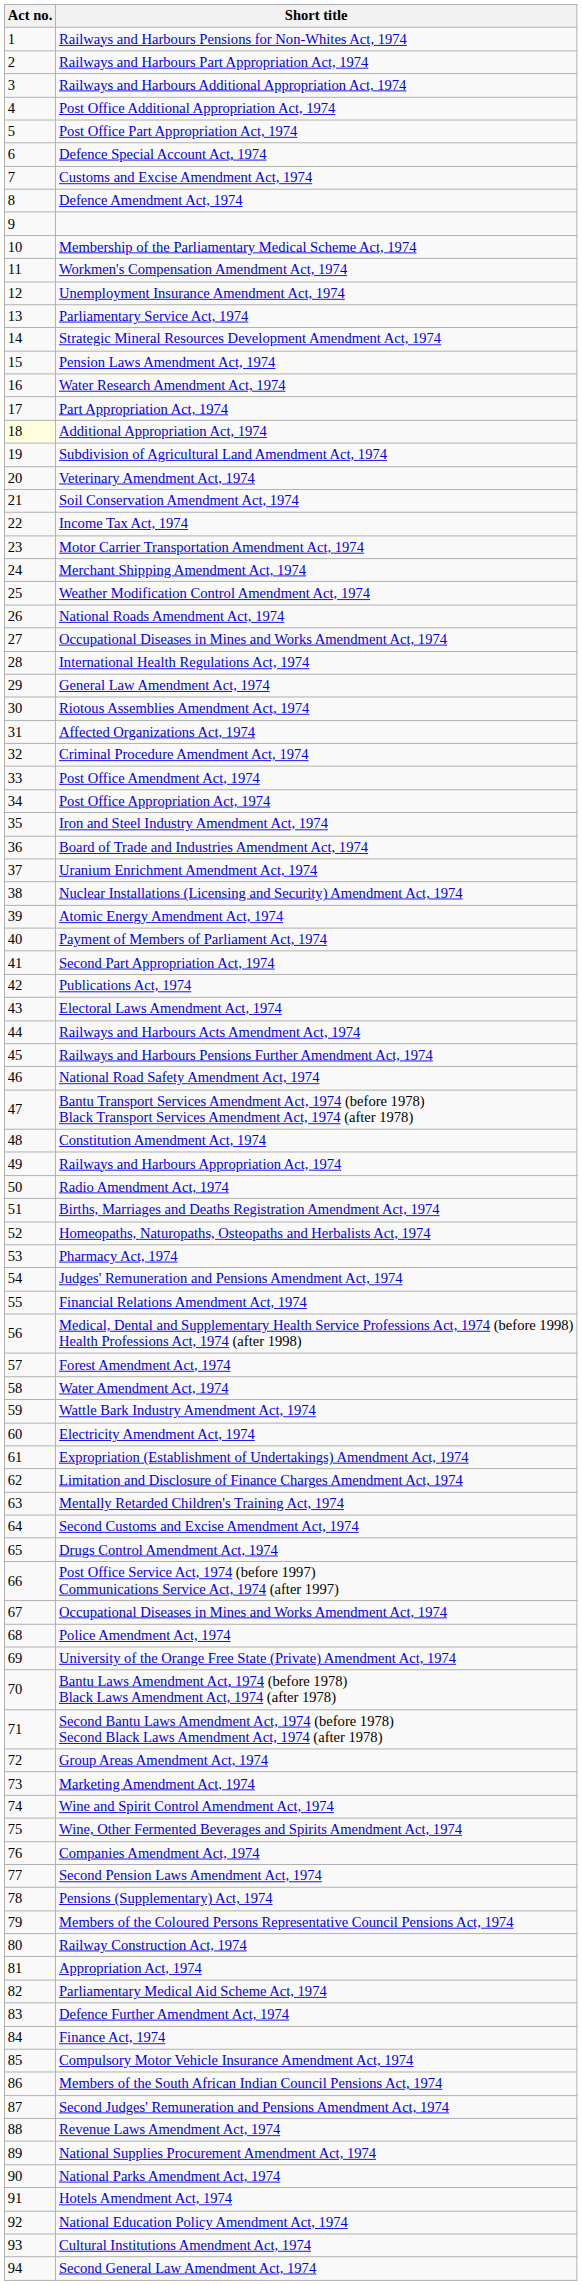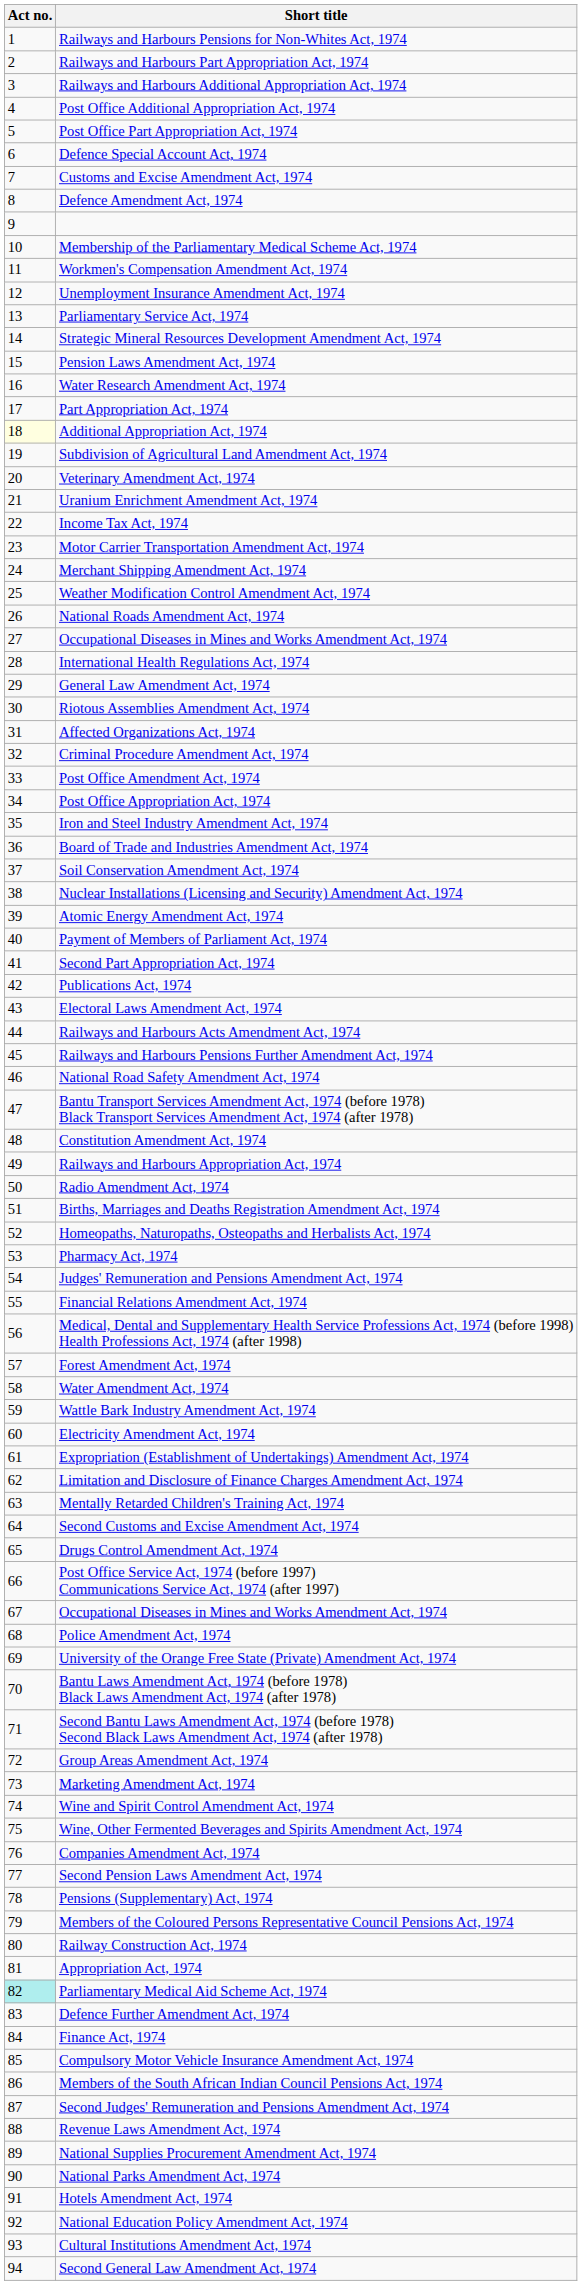 <table class="wikitable sortable">
 <tr>
 <th>Act no.</th>
 <th>Short title</th>
 </tr>
 <tr>
 <td>1</td>
 <td><a href='#'>Railways and Harbours Pensions for Non-Whites Act, 1974</a></td>
 </tr>
 <tr>
 <td>2</td>
 <td><a href='#'>Railways and Harbours Part Appropriation Act, 1974</a></td>
 </tr>
 <tr>
 <td>3</td>
 <td><a href='#'>Railways and Harbours Additional Appropriation Act, 1974</a></td>
 </tr>
 <tr>
 <td>4</td>
 <td><a href='#'>Post Office Additional Appropriation Act, 1974</a></td>
 </tr>
 <tr>
 <td>5</td>
 <td><a href='#'>Post Office Part Appropriation Act, 1974</a></td>
 </tr>
 <tr>
 <td>6</td>
 <td><a href='#'>Defence Special Account Act, 1974</a></td>
 </tr>
 <tr>
 <td>7</td>
 <td><a href='#'>Customs and Excise Amendment Act, 1974</a></td>
 </tr>
 <tr>
 <td>8</td>
 <td><a href='#'>Defence Amendment Act, 1974</a></td>
 </tr>
 <tr>
 <td>9</td>
 <td></td>
 </tr>
 <tr>
 <td>10</td>
 <td><a href='#'>Membership of the Parliamentary Medical Scheme Act, 1974</a></td>
 </tr>
 <tr>
 <td>11</td>
 <td><a href='#'>Workmen's Compensation Amendment Act, 1974</a></td>
 </tr>
 <tr>
 <td>12</td>
 <td><a href='#'>Unemployment Insurance Amendment Act, 1974</a></td>
 </tr>
 <tr>
 <td>13</td>
 <td><a href='#'>Parliamentary Service Act, 1974</a></td>
 </tr>
 <tr>
 <td>14</td>
 <td><a href='#'>Strategic Mineral Resources Development Amendment Act, 1974</a></td>
 </tr>
 <tr>
 <td>15</td>
 <td><a href='#'>Pension Laws Amendment Act, 1974</a></td>
 </tr>
 <tr>
 <td>16</td>
 <td><a href='#'>Water Research Amendment Act, 1974</a></td>
 </tr>
 <tr>
 <td>17</td>
 <td><a href='#'>Part Appropriation Act, 1974</a></td>
 </tr>
 <tr>
 <td style="background: lightyellow;">18</td>
 <td><a href='#'>Additional Appropriation Act, 1974</a></td>
 </tr>
 <tr>
 <td>19</td>
 <td><a href='#'>Subdivision of Agricultural Land Amendment Act, 1974</a></td>
 </tr>
 <tr>
 <td>20</td>
 <td><a href='#'>Veterinary Amendment Act, 1974</a></td>
 </tr>
 <tr>
 <td>21</td>
-<td><a href='#'>Soil Conservation Amendment Act, 1974</a></td>
+<td><a href='#'>Uranium Enrichment Amendment Act, 1974</a></td>
 </tr>
 <tr>
 <td>22</td>
 <td><a href='#'>Income Tax Act, 1974</a></td>
 </tr>
 <tr>
 <td>23</td>
 <td><a href='#'>Motor Carrier Transportation Amendment Act, 1974</a></td>
 </tr>
 <tr>
 <td>24</td>
 <td><a href='#'>Merchant Shipping Amendment Act, 1974</a></td>
 </tr>
 <tr>
 <td>25</td>
 <td><a href='#'>Weather Modification Control Amendment Act, 1974</a></td>
 </tr>
 <tr>
 <td>26</td>
 <td><a href='#'>National Roads Amendment Act, 1974</a></td>
 </tr>
 <tr>
 <td>27</td>
 <td><a href='#'>Occupational Diseases in Mines and Works Amendment Act, 1974</a></td>
 </tr>
 <tr>
 <td>28</td>
 <td><a href='#'>International Health Regulations Act, 1974</a></td>
 </tr>
 <tr>
 <td>29</td>
 <td><a href='#'>General Law Amendment Act, 1974</a></td>
 </tr>
 <tr>
 <td>30</td>
 <td><a href='#'>Riotous Assemblies Amendment Act, 1974</a></td>
 </tr>
 <tr>
 <td>31</td>
 <td><a href='#'>Affected Organizations Act, 1974</a></td>
 </tr>
 <tr>
 <td>32</td>
 <td><a href='#'>Criminal Procedure Amendment Act, 1974</a></td>
 </tr>
 <tr>
 <td>33</td>
 <td><a href='#'>Post Office Amendment Act, 1974</a></td>
 </tr>
 <tr>
 <td>34</td>
 <td><a href='#'>Post Office Appropriation Act, 1974</a></td>
 </tr>
 <tr>
 <td>35</td>
 <td><a href='#'>Iron and Steel Industry Amendment Act, 1974</a></td>
 </tr>
 <tr>
 <td>36</td>
 <td><a href='#'>Board of Trade and Industries Amendment Act, 1974</a></td>
 </tr>
 <tr>
 <td>37</td>
-<td><a href='#'>Uranium Enrichment Amendment Act, 1974</a></td>
+<td><a href='#'>Soil Conservation Amendment Act, 1974</a></td>
 </tr>
 <tr>
 <td>38</td>
 <td><a href='#'>Nuclear Installations (Licensing and Security) Amendment Act, 1974</a></td>
 </tr>
 <tr>
 <td>39</td>
 <td><a href='#'>Atomic Energy Amendment Act, 1974</a></td>
 </tr>
 <tr>
 <td>40</td>
 <td><a href='#'>Payment of Members of Parliament Act, 1974</a></td>
 </tr>
 <tr>
 <td>41</td>
 <td><a href='#'>Second Part Appropriation Act, 1974</a></td>
 </tr>
 <tr>
 <td>42</td>
 <td><a href='#'>Publications Act, 1974</a></td>
 </tr>
 <tr>
 <td>43</td>
 <td><a href='#'>Electoral Laws Amendment Act, 1974</a></td>
 </tr>
 <tr>
 <td>44</td>
 <td><a href='#'>Railways and Harbours Acts Amendment Act, 1974</a></td>
 </tr>
 <tr>
 <td>45</td>
 <td><a href='#'>Railways and Harbours Pensions Further Amendment Act, 1974</a></td>
 </tr>
 <tr>
 <td>46</td>
 <td><a href='#'>National Road Safety Amendment Act, 1974</a></td>
 </tr>
 <tr>
 <td>47</td>
 <td><a href='#'>Bantu Transport Services Amendment Act, 1974</a> (before 1978) <br><a href='#'>Black Transport Services Amendment Act, 1974</a> (after 1978)</td>
 </tr>
 <tr>
 <td>48</td>
 <td><a href='#'>Constitution Amendment Act, 1974</a></td>
 </tr>
 <tr>
 <td>49</td>
 <td><a href='#'>Railways and Harbours Appropriation Act, 1974</a></td>
 </tr>
 <tr>
 <td>50</td>
 <td><a href='#'>Radio Amendment Act, 1974</a></td>
 </tr>
 <tr>
 <td>51</td>
 <td><a href='#'>Births, Marriages and Deaths Registration Amendment Act, 1974</a></td>
 </tr>
 <tr>
 <td>52</td>
 <td><a href='#'>Homeopaths, Naturopaths, Osteopaths and Herbalists Act, 1974</a></td>
 </tr>
 <tr>
 <td>53</td>
 <td><a href='#'>Pharmacy Act, 1974</a></td>
 </tr>
 <tr>
 <td>54</td>
 <td><a href='#'>Judges' Remuneration and Pensions Amendment Act, 1974</a></td>
 </tr>
 <tr>
 <td>55</td>
 <td><a href='#'>Financial Relations Amendment Act, 1974</a></td>
 </tr>
 <tr>
 <td>56</td>
 <td><a href='#'>Medical, Dental and Supplementary Health Service Professions Act, 1974</a> (before 1998) <br><a href='#'>Health Professions Act, 1974</a> (after 1998)</td>
 </tr>
 <tr>
 <td>57</td>
 <td><a href='#'>Forest Amendment Act, 1974</a></td>
 </tr>
 <tr>
 <td>58</td>
 <td><a href='#'>Water Amendment Act, 1974</a></td>
 </tr>
 <tr>
 <td>59</td>
 <td><a href='#'>Wattle Bark Industry Amendment Act, 1974</a></td>
 </tr>
 <tr>
 <td>60</td>
 <td><a href='#'>Electricity Amendment Act, 1974</a></td>
 </tr>
 <tr>
 <td>61</td>
 <td><a href='#'>Expropriation (Establishment of Undertakings) Amendment Act, 1974</a></td>
 </tr>
 <tr>
 <td>62</td>
 <td><a href='#'>Limitation and Disclosure of Finance Charges Amendment Act, 1974</a></td>
 </tr>
 <tr>
 <td>63</td>
 <td><a href='#'>Mentally Retarded Children's Training Act, 1974</a></td>
 </tr>
 <tr>
 <td>64</td>
 <td><a href='#'>Second Customs and Excise Amendment Act, 1974</a></td>
 </tr>
 <tr>
 <td>65</td>
 <td><a href='#'>Drugs Control Amendment Act, 1974</a></td>
 </tr>
 <tr>
 <td>66</td>
 <td><a href='#'>Post Office Service Act, 1974</a> (before 1997) <br><a href='#'>Communications Service Act, 1974</a> (after 1997)</td>
 </tr>
 <tr>
 <td>67</td>
 <td><a href='#'>Occupational Diseases in Mines and Works Amendment Act, 1974</a></td>
 </tr>
 <tr>
 <td>68</td>
 <td><a href='#'>Police Amendment Act, 1974</a></td>
 </tr>
 <tr>
 <td>69</td>
 <td><a href='#'>University of the Orange Free State (Private) Amendment Act, 1974</a></td>
 </tr>
 <tr>
 <td>70</td>
 <td><a href='#'>Bantu Laws Amendment Act, 1974</a> (before 1978) <br><a href='#'>Black Laws Amendment Act, 1974</a> (after 1978)</td>
 </tr>
 <tr>
 <td>71</td>
 <td><a href='#'>Second Bantu Laws Amendment Act, 1974</a> (before 1978) <br><a href='#'>Second Black Laws Amendment Act, 1974</a> (after 1978)</td>
 </tr>
 <tr>
 <td>72</td>
 <td><a href='#'>Group Areas Amendment Act, 1974</a></td>
 </tr>
 <tr>
 <td>73</td>
 <td><a href='#'>Marketing Amendment Act, 1974</a></td>
 </tr>
 <tr>
 <td>74</td>
 <td><a href='#'>Wine and Spirit Control Amendment Act, 1974</a></td>
 </tr>
 <tr>
 <td>75</td>
 <td><a href='#'>Wine, Other Fermented Beverages and Spirits Amendment Act, 1974</a></td>
 </tr>
 <tr>
 <td>76</td>
 <td><a href='#'>Companies Amendment Act, 1974</a></td>
 </tr>
 <tr>
 <td>77</td>
 <td><a href='#'>Second Pension Laws Amendment Act, 1974</a></td>
 </tr>
 <tr>
 <td>78</td>
 <td><a href='#'>Pensions (Supplementary) Act, 1974</a></td>
 </tr>
 <tr>
 <td>79</td>
 <td><a href='#'>Members of the Coloured Persons Representative Council Pensions Act, 1974</a></td>
 </tr>
 <tr>
 <td>80</td>
 <td><a href='#'>Railway Construction Act, 1974</a></td>
 </tr>
 <tr>
 <td>81</td>
 <td><a href='#'>Appropriation Act, 1974</a></td>
 </tr>
 <tr>
-<td>82</td>
+<td style="background: paleturquoise;">82</td>
 <td><a href='#'>Parliamentary Medical Aid Scheme Act, 1974</a></td>
 </tr>
 <tr>
 <td>83</td>
 <td><a href='#'>Defence Further Amendment Act, 1974</a></td>
 </tr>
 <tr>
 <td>84</td>
 <td><a href='#'>Finance Act, 1974</a></td>
 </tr>
 <tr>
 <td>85</td>
 <td><a href='#'>Compulsory Motor Vehicle Insurance Amendment Act, 1974</a></td>
 </tr>
 <tr>
 <td>86</td>
 <td><a href='#'>Members of the South African Indian Council Pensions Act, 1974</a></td>
 </tr>
 <tr>
 <td>87</td>
 <td><a href='#'>Second Judges' Remuneration and Pensions Amendment Act, 1974</a></td>
 </tr>
 <tr>
 <td>88</td>
 <td><a href='#'>Revenue Laws Amendment Act, 1974</a></td>
 </tr>
 <tr>
 <td>89</td>
 <td><a href='#'>National Supplies Procurement Amendment Act, 1974</a></td>
 </tr>
 <tr>
 <td>90</td>
 <td><a href='#'>National Parks Amendment Act, 1974</a></td>
 </tr>
 <tr>
 <td>91</td>
 <td><a href='#'>Hotels Amendment Act, 1974</a></td>
 </tr>
 <tr>
 <td>92</td>
 <td><a href='#'>National Education Policy Amendment Act, 1974</a></td>
 </tr>
 <tr>
 <td>93</td>
 <td><a href='#'>Cultural Institutions Amendment Act, 1974</a></td>
 </tr>
 <tr>
 <td>94</td>
 <td><a href='#'>Second General Law Amendment Act, 1974</a></td>
 </tr>
 </table>
